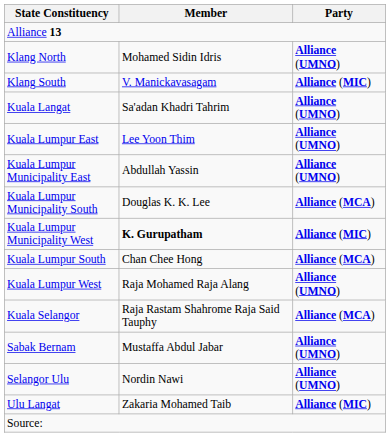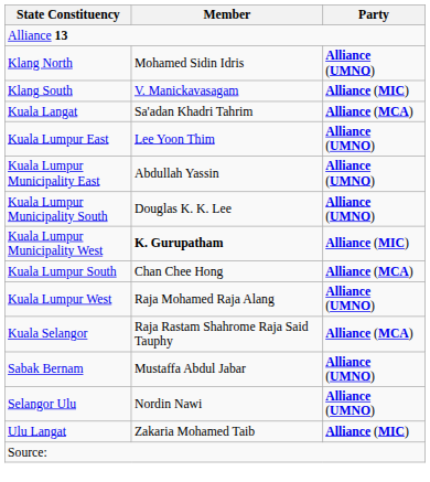 <table class="wikitable sortable">
 <tr>
 <th style="width:150px;">State Constituency</th>
 <th style="width:230px;">Member</th>
 <th style="width:120px;">Party</th>
 </tr>
 <tr>
 <td colspan="3"><a href='#'>Alliance</a> <strong>13</strong></td>
 </tr>
 <tr>
 <td><a href='#'>Klang North</a></td>
 <td>Mohamed Sidin Idris</td>
 <td><strong><a href='#'>Alliance</a></strong> (<strong><a href='#'>UMNO</a></strong>)</td>
 </tr>
 <tr>
 <td><a href='#'>Klang South</a></td>
 <td><a href='#'>V. Manickavasagam</a></td>
 <td><strong><a href='#'>Alliance</a></strong> (<strong><a href='#'>MIC</a></strong>)</td>
 </tr>
 <tr>
 <td><a href='#'>Kuala Langat</a></td>
 <td>Sa'adan Khadri Tahrim</td>
-<td><strong><a href='#'>Alliance</a></strong> (<strong><a href='#'>UMNO</a></strong>)</td>
+<td><strong><a href='#'>Alliance</a></strong> (<strong><a href='#'>MCA</a></strong>)</td>
 </tr>
 <tr>
 <td><a href='#'>Kuala Lumpur East</a></td>
 <td><a href='#'>Lee Yoon Thim</a></td>
 <td><strong><a href='#'>Alliance</a></strong> (<strong><a href='#'>UMNO</a></strong>)</td>
 </tr>
 <tr>
 <td><a href='#'>Kuala Lumpur Municipality East</a></td>
 <td>Abdullah Yassin</td>
 <td><strong><a href='#'>Alliance</a></strong> (<strong><a href='#'>UMNO</a></strong>)</td>
 </tr>
 <tr>
 <td><a href='#'>Kuala Lumpur Municipality South</a></td>
 <td>Douglas K. K. Lee</td>
-<td><strong><a href='#'>Alliance</a></strong> (<strong><a href='#'>MCA</a></strong>)</td>
+<td><strong><a href='#'>Alliance</a></strong> (<strong><a href='#'>UMNO</a></strong>)</td>
 </tr>
 <tr>
 <td><a href='#'>Kuala Lumpur Municipality West</a></td>
 <td><strong>K. Gurupatham</strong></td>
 <td><strong><a href='#'>Alliance</a></strong> (<strong><a href='#'>MIC</a></strong>)</td>
 </tr>
 <tr>
 <td><a href='#'>Kuala Lumpur South</a></td>
 <td>Chan Chee Hong</td>
 <td><strong><a href='#'>Alliance</a></strong> (<strong><a href='#'>MCA</a></strong>)</td>
 </tr>
 <tr>
 <td><a href='#'>Kuala Lumpur West</a></td>
 <td>Raja Mohamed Raja Alang</td>
 <td><strong><a href='#'>Alliance</a></strong> (<strong><a href='#'>UMNO</a></strong>)</td>
 </tr>
 <tr>
 <td><a href='#'>Kuala Selangor</a></td>
 <td>Raja Rastam Shahrome Raja Said Tauphy</td>
 <td><strong><a href='#'>Alliance</a></strong> (<strong><a href='#'>MCA</a></strong>)</td>
 </tr>
 <tr>
 <td><a href='#'>Sabak Bernam</a></td>
 <td>Mustaffa Abdul Jabar</td>
 <td><strong><a href='#'>Alliance</a></strong> (<strong><a href='#'>UMNO</a></strong>)</td>
 </tr>
 <tr>
 <td><a href='#'>Selangor Ulu</a></td>
 <td>Nordin Nawi</td>
 <td><strong><a href='#'>Alliance</a></strong> (<strong><a href='#'>UMNO</a></strong>)</td>
 </tr>
 <tr>
 <td><a href='#'>Ulu Langat</a></td>
 <td>Zakaria Mohamed Taib</td>
 <td><strong><a href='#'>Alliance</a></strong> (<strong><a href='#'>MIC</a></strong>)</td>
 </tr>
 <tr>
 <td colspan="3">Source:</td>
 </tr>
 </table>
